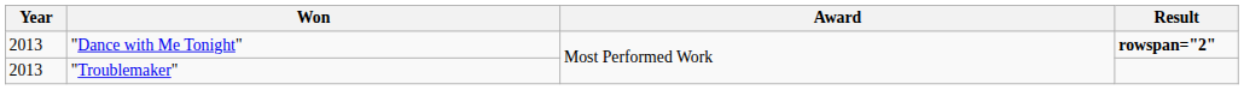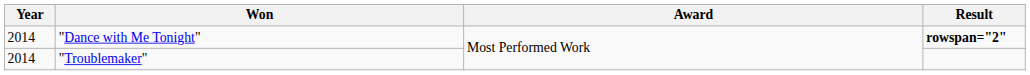 <table class="wikitable" style="width:75%;">
 <tr>
 <th width=5%>Year</th>
 <th style="width:40%;">Won</th>
 <th style="width:45%;">Award</th>
 <th style="width:10%;">Result</th>
 </tr>
 <tr>
-<td>2013</td>
+<td>2014</td>
 <td>"<a href='#'>Dance with Me Tonight</a>"</td>
 <td rowspan="2">Most Performed Work</td>
 <td><strong>rowspan="2" </strong></td>
 </tr>
 <tr>
-<td>2013</td>
+<td>2014</td>
 <td>"<a href='#'>Troublemaker</a>"</td>
 </tr>
 </table>
